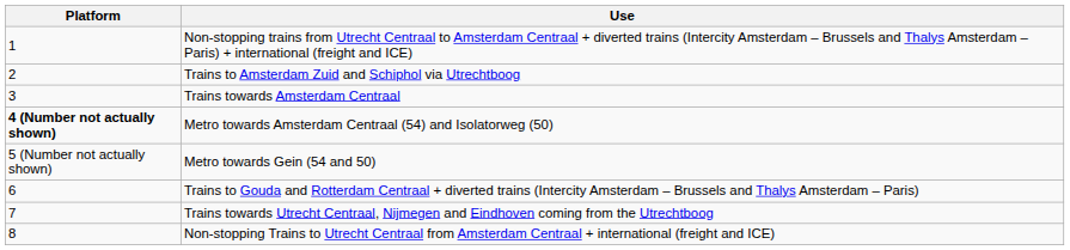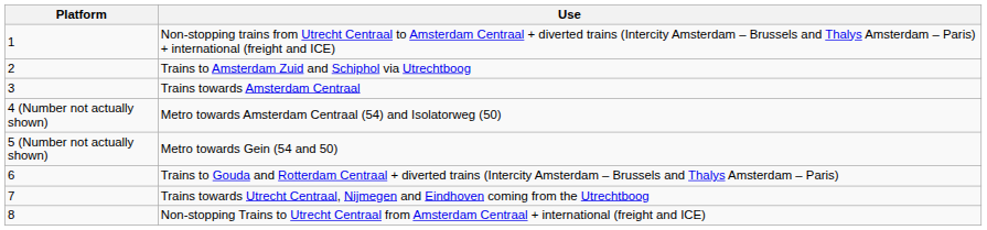 <table class="wikitable vatop">
 <tr>
 <th>Platform</th>
 <th>Use</th>
 </tr>
 <tr>
 <td>1</td>
 <td>Non-stopping trains from <a href='#'>Utrecht Centraal</a> to <a href='#'>Amsterdam Centraal</a> + diverted trains (Intercity Amsterdam – Brussels and <a href='#'>Thalys</a> Amsterdam – Paris) + international (freight and ICE)</td>
 </tr>
 <tr>
 <td>2</td>
 <td>Trains to <a href='#'>Amsterdam Zuid</a> and <a href='#'>Schiphol</a> via <a href='#'>Utrechtboog</a></td>
 </tr>
 <tr>
 <td>3</td>
 <td>Trains towards <a href='#'>Amsterdam Centraal</a></td>
 </tr>
 <tr>
-<td><strong>4 (Number not actually shown)</strong></td>
+<td>4 (Number not actually shown)</td>
 <td>Metro towards Amsterdam Centraal (54) and Isolatorweg (50)</td>
 </tr>
 <tr>
 <td>5 (Number not actually shown)</td>
 <td>Metro towards Gein (54 and 50)</td>
 </tr>
 <tr>
 <td>6</td>
 <td>Trains to <a href='#'>Gouda</a> and <a href='#'>Rotterdam Centraal</a> + diverted trains (Intercity Amsterdam – Brussels and <a href='#'>Thalys</a> Amsterdam – Paris)</td>
 </tr>
 <tr>
 <td>7</td>
 <td>Trains towards <a href='#'>Utrecht Centraal</a>, <a href='#'>Nijmegen</a> and <a href='#'>Eindhoven</a> coming from the <a href='#'>Utrechtboog</a></td>
 </tr>
 <tr>
 <td>8</td>
 <td>Non-stopping Trains to <a href='#'>Utrecht Centraal</a> from <a href='#'>Amsterdam Centraal</a> + international (freight and ICE)</td>
 </tr>
 </table>
